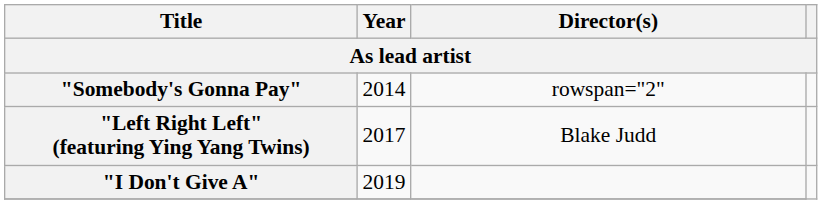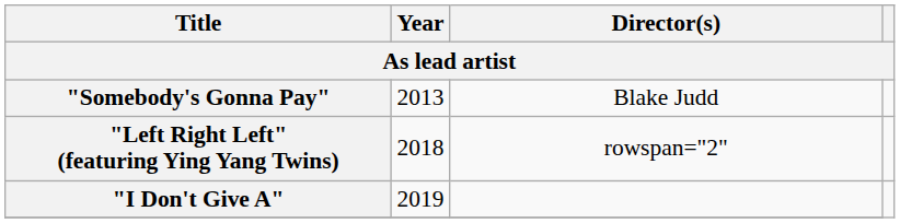 <table class="wikitable plainrowheaders" style="text-align:center;">
 <tr>
 <th scope="col" style="width:16em;">Title</th>
 <th scope="col">Year</th>
 <th scope="col" style="width:18em;">Director(s)</th>
 <th scope="col"></th>
 </tr>
 <tr>
 <th scope="col" colspan="5">As lead artist</th>
 </tr>
 <tr>
 <th scope="row">"Somebody's Gonna Pay"</th>
-<td>2014</td>
-<td>rowspan="2" </td>
+<td>2013</td>
+<td>Blake Judd</td>
 <td></td>
 </tr>
 <tr>
 <th scope="row">"Left Right Left"<br><span>(featuring Ying Yang Twins)</span></th>
-<td>2017</td>
-<td>Blake Judd</td>
+<td>2018</td>
+<td>rowspan="2" </td>
 <td></td>
 </tr>
 <tr>
 <th scope="row">"I Don't Give A"</th>
 <td>2019</td>
 <td></td>
 </tr>
 <tr>
 </tr>
 </table>
